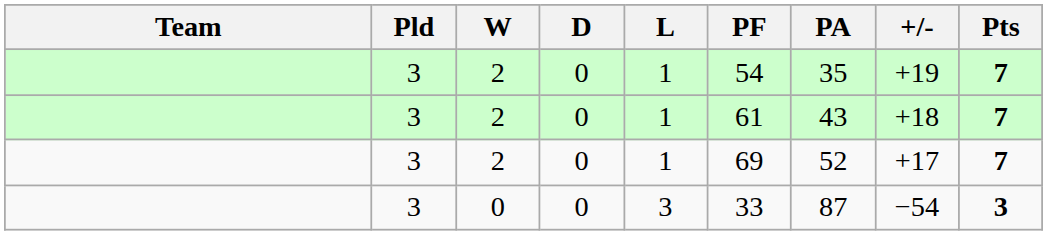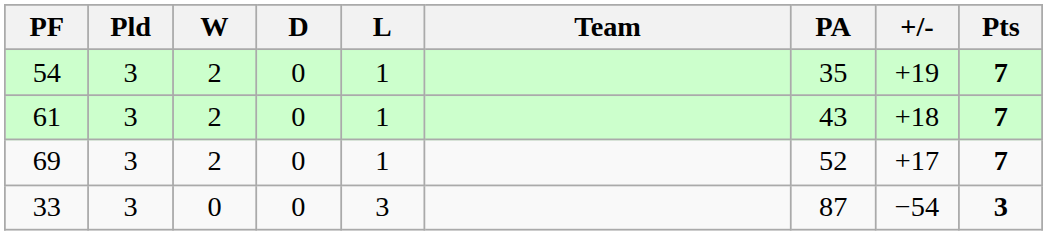 <table class="wikitable" style="text-align: center;">
 <tr>
-<th width="200">Team</th>
+<th width="40">PF</th>
 <th width="40">Pld</th>
 <th width="40">W</th>
 <th width="40">D</th>
 <th width="40">L</th>
-<th width="40">PF</th>
+<th width="200">Team</th>
 <th width="40">PA</th>
 <th width="40">+/-</th>
 <th width="40">Pts</th>
 </tr>
 <tr style="background-color:#ccffcc">
-<td style="text-align:left;"></td>
+<td>54</td>
 <td>3</td>
 <td>2</td>
 <td>0</td>
 <td>1</td>
-<td>54</td>
+<td style="text-align:left;"></td>
 <td>35</td>
 <td>+19</td>
 <td><strong>7</strong></td>
 </tr>
 <tr style="background-color:#ccffcc">
-<td style="text-align:left;"></td>
+<td>61</td>
 <td>3</td>
 <td>2</td>
 <td>0</td>
 <td>1</td>
-<td>61</td>
+<td style="text-align:left;"></td>
 <td>43</td>
 <td>+18</td>
 <td><strong>7</strong></td>
 </tr>
 <tr>
-<td style="text-align:left;"></td>
+<td>69</td>
 <td>3</td>
 <td>2</td>
 <td>0</td>
 <td>1</td>
-<td>69</td>
+<td style="text-align:left;"></td>
 <td>52</td>
 <td>+17</td>
 <td><strong>7</strong></td>
 </tr>
 <tr>
-<td style="text-align:left;"></td>
+<td>33</td>
 <td>3</td>
 <td>0</td>
 <td>0</td>
 <td>3</td>
-<td>33</td>
+<td style="text-align:left;"></td>
 <td>87</td>
 <td>−54</td>
 <td><strong>3</strong></td>
 </tr>
 </table>
